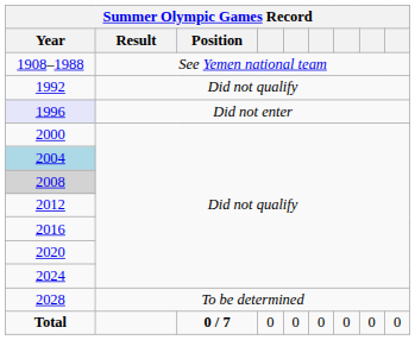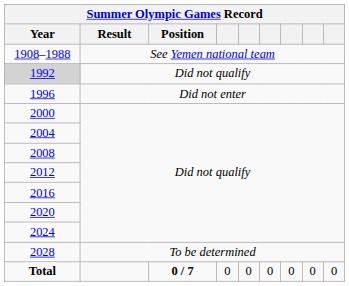 <table class="wikitable" style="text-align: center;">
 <tr>
 <th colspan=9><a href='#'>Summer Olympic Games</a> Record</th>
 </tr>
 <tr>
 <th width="90">Year</th>
 <th width="80">Result</th>
 <th width="80">Position</th>
 <th width="20"></th>
 <th width="20"></th>
 <th width="20"></th>
 <th width="20"></th>
 <th width="20"></th>
 <th width="20"></th>
 </tr>
 <tr>
 <td><a href='#'>1908</a>–<a href='#'>1988</a></td>
 <td colspan=8><em>See <a href='#'>Yemen national team</a></em></td>
 </tr>
 <tr>
-<td> <a href='#'>1992</a></td>
+<td style="background: lightgrey;"> <a href='#'>1992</a></td>
 <td rowspan=1 colspan=8><em>Did not qualify</em></td>
 </tr>
 <tr>
-<td style="background: lavender;"> <a href='#'>1996</a></td>
+<td> <a href='#'>1996</a></td>
 <td rowspan=1 colspan=8><em>Did not enter</em></td>
 </tr>
 <tr>
 <td> <a href='#'>2000</a></td>
 <td rowspan=7 colspan=8><em>Did not qualify</em></td>
 </tr>
 <tr>
-<td style="background: lightblue;"> <a href='#'>2004</a></td>
+<td> <a href='#'>2004</a></td>
 </tr>
 <tr>
-<td style="background: lightgrey;"> <a href='#'>2008</a></td>
+<td> <a href='#'>2008</a></td>
 </tr>
 <tr>
 <td> <a href='#'>2012</a></td>
 </tr>
 <tr>
 <td> <a href='#'>2016</a></td>
 </tr>
 <tr>
 <td> <a href='#'>2020</a></td>
 </tr>
 <tr>
 <td> <a href='#'>2024</a></td>
 </tr>
 <tr>
 <td> <a href='#'>2028</a></td>
 <td colspan=8><em>To be determined</em></td>
 </tr>
 <tr>
 <td><strong>Total</strong></td>
 <td></td>
 <td><strong>0 / 7</strong></td>
 <td>0</td>
 <td>0</td>
 <td>0</td>
 <td>0</td>
 <td>0</td>
 <td>0</td>
 </tr>
 </table>
